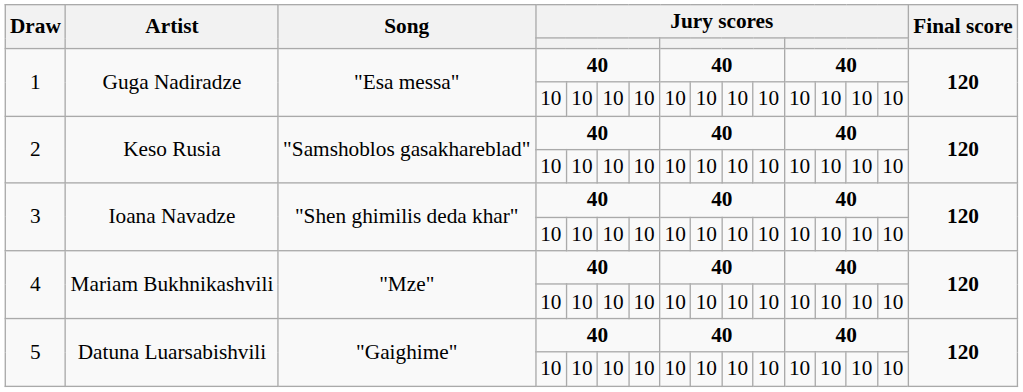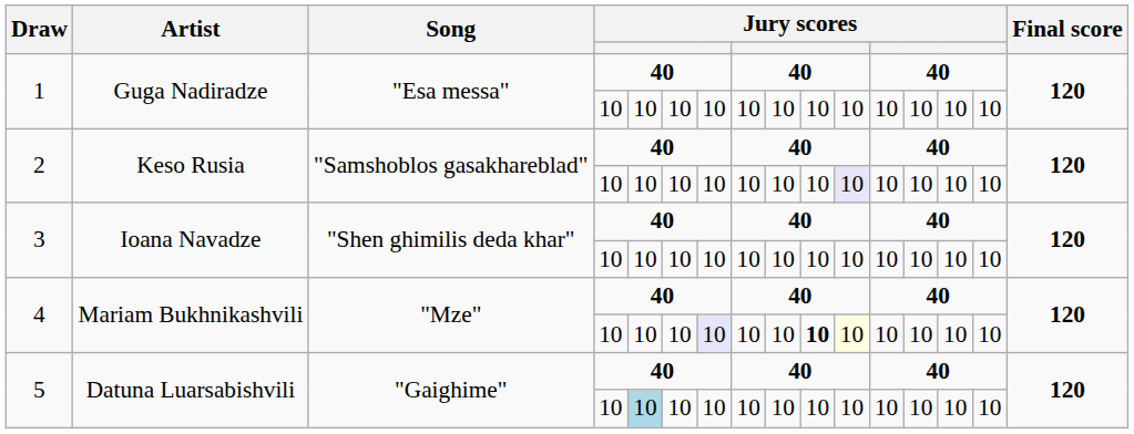 <table class="sortable wikitable" style="text-align:center;margin:1em auto 1em auto">
 <tr>
 <th scope="col" rowspan=2>Draw</th>
 <th scope="col" rowspan=2>Artist</th>
 <th scope="col" rowspan=2>Song</th>
 <th scope="col" colspan=12>Jury scores</th>
 <th scope="col" rowspan=2>Final score</th>
 </tr>
 <tr>
 <th scope="col" class="unsortable" colspan=4><small></small></th>
 <th scope="col" class="unsortable" colspan=4><small></small></th>
 <th scope="col" class="unsortable" colspan=4><small></small></th>
 </tr>
 <tr>
 <td rowspan=2>1</td>
 <td rowspan=2>Guga Nadiradze<br></td>
 <td rowspan=2>"Esa messa"<br></td>
 <td colspan=4><strong>40</strong></td>
 <td colspan=4><strong>40</strong></td>
 <td colspan=4><strong>40</strong></td>
 <td rowspan=2><strong>120</strong></td>
 </tr>
 <tr>
 <td>10</td>
 <td>10</td>
 <td>10</td>
 <td>10</td>
 <td>10</td>
 <td>10</td>
 <td>10</td>
 <td>10</td>
 <td>10</td>
 <td>10</td>
 <td>10</td>
 <td>10</td>
 </tr>
 <tr>
 <td rowspan=2>2</td>
 <td rowspan=2>Keso Rusia<br></td>
 <td rowspan=2>"Samshoblos gasakhareblad"<br></td>
 <td colspan=4><strong>40</strong></td>
 <td colspan=4><strong>40</strong></td>
 <td colspan=4><strong>40</strong></td>
 <td rowspan=2><strong>120</strong></td>
 </tr>
 <tr>
 <td>10</td>
 <td>10</td>
 <td>10</td>
 <td>10</td>
 <td>10</td>
 <td>10</td>
 <td>10</td>
-<td>10</td>
+<td style="background: lavender;">10</td>
 <td>10</td>
 <td>10</td>
 <td>10</td>
 <td>10</td>
 </tr>
 <tr>
 <td rowspan=2>3</td>
 <td rowspan=2>Ioana Navadze<br></td>
 <td rowspan=2>"Shen ghimilis deda khar"<br></td>
 <td colspan=4><strong>40</strong></td>
 <td colspan=4><strong>40</strong></td>
 <td colspan=4><strong>40</strong></td>
 <td rowspan=2><strong>120</strong></td>
 </tr>
 <tr>
 <td>10</td>
 <td>10</td>
 <td>10</td>
 <td>10</td>
 <td>10</td>
 <td>10</td>
 <td>10</td>
 <td>10</td>
 <td>10</td>
 <td>10</td>
 <td>10</td>
 <td>10</td>
 </tr>
 <tr>
 <td rowspan=2>4</td>
 <td rowspan=2>Mariam Bukhnikashvili<br></td>
 <td rowspan=2>"Mze"<br></td>
 <td colspan=4><strong>40</strong></td>
 <td colspan=4><strong>40</strong></td>
 <td colspan=4><strong>40</strong></td>
 <td rowspan=2><strong>120</strong></td>
 </tr>
 <tr>
 <td>10</td>
 <td>10</td>
 <td>10</td>
+<td style="background: lavender;">10</td>
 <td>10</td>
 <td>10</td>
-<td>10</td>
-<td>10</td>
-<td>10</td>
+<td><strong>10</strong></td>
+<td style="background: lightyellow;">10</td>
 <td>10</td>
 <td>10</td>
 <td>10</td>
 <td>10</td>
 </tr>
 <tr>
 <td rowspan=2>5</td>
 <td rowspan=2>Datuna Luarsabishvili<br></td>
 <td rowspan=2>"Gaighime"<br></td>
 <td colspan=4><strong>40</strong></td>
 <td colspan=4><strong>40</strong></td>
 <td colspan=4><strong>40</strong></td>
 <td rowspan=2><strong>120</strong></td>
 </tr>
 <tr>
 <td>10</td>
-<td>10</td>
+<td style="background: lightblue;">10</td>
 <td>10</td>
 <td>10</td>
 <td>10</td>
 <td>10</td>
 <td>10</td>
 <td>10</td>
 <td>10</td>
 <td>10</td>
 <td>10</td>
 <td>10</td>
 </tr>
 </table>
